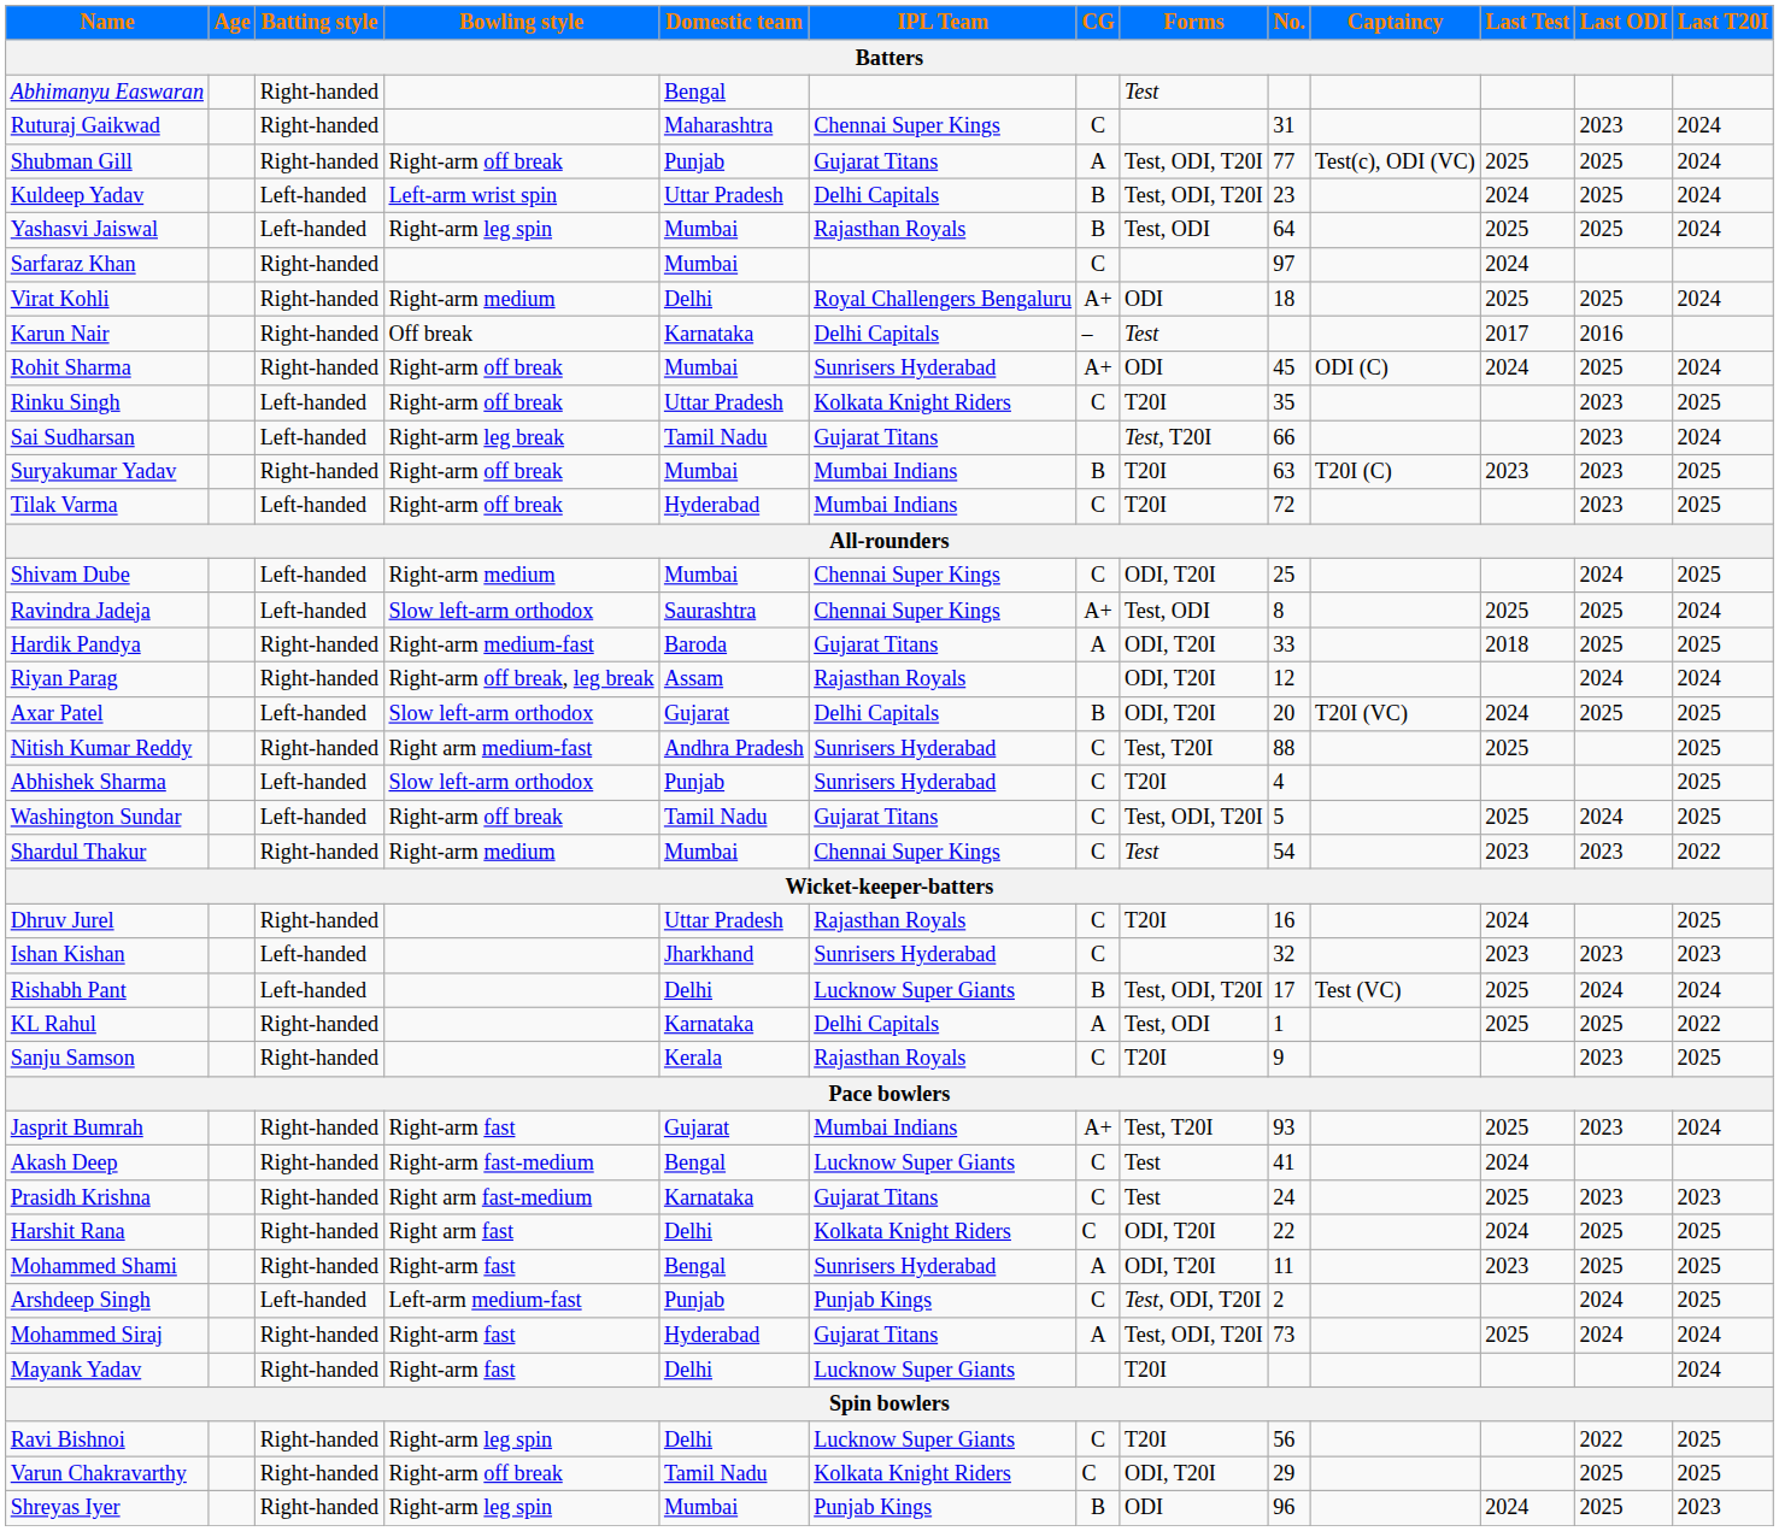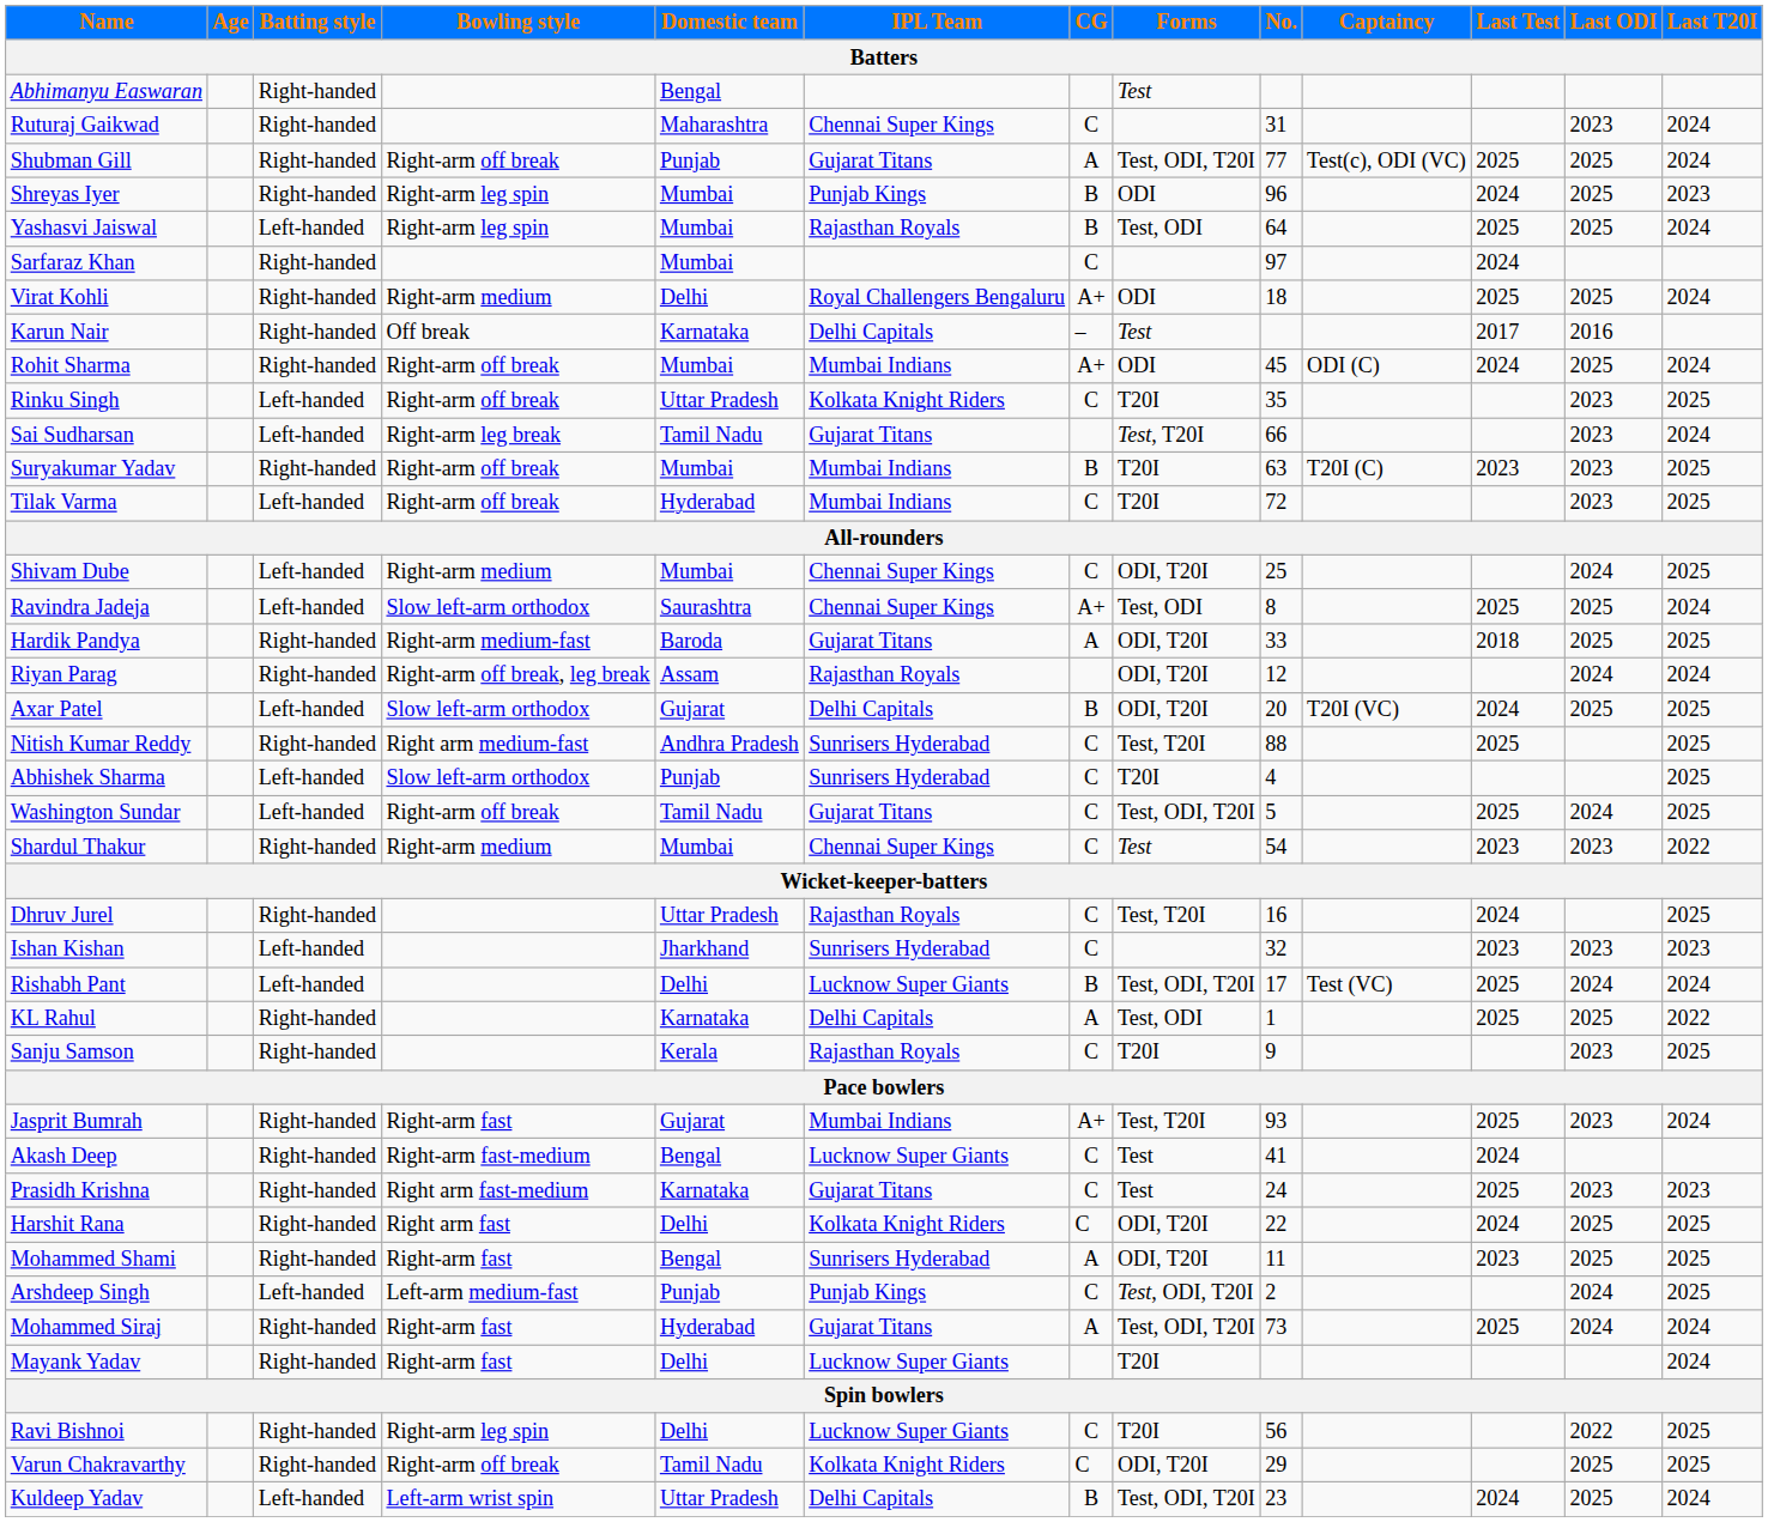 <table class="wikitable">
 <tr>
 <th style="text-align:center; background:#0077FF; color:#FF8800;">Name</th>
 <th style="text-align:center; background:#0077FF; color:#FF8800;">Age</th>
 <th style="text-align:center; background:#0077FF; color:#FF8800;">Batting style</th>
 <th style="text-align:center; background:#0077FF; color:#FF8800;">Bowling style</th>
 <th style="text-align:center; background:#0077FF; color:#FF8800;">Domestic team</th>
 <th style="text-align:center; background:#0077FF; color:#FF8800;">IPL Team</th>
 <th style="text-align:center; background:#0077FF; color:#FF8800;">CG</th>
 <th style="text-align:center; background:#0077FF; color:#FF8800;">Forms</th>
 <th style="text-align:center; background:#0077FF; color:#FF8800;">No.</th>
 <th style="text-align:center; background:#0077FF; color:#FF8800;">Captaincy</th>
 <th style="text-align:center; background:#0077FF; color:#FF8800;">Last Test</th>
 <th style="text-align:center; background:#0077FF; color:#FF8800;">Last ODI</th>
 <th style="text-align:center; background:#0077FF; color:#FF8800;">Last T20I</th>
 </tr>
 <tr>
 <th colspan="13">Batters</th>
 </tr>
 <tr>
 <td><em><a href='#'>Abhimanyu Easwaran</a></em></td>
 <td></td>
 <td>Right-handed</td>
 <td></td>
 <td><a href='#'>Bengal</a></td>
 <td></td>
 <td></td>
 <td><em>Test</em></td>
 <td></td>
 <td></td>
 <td></td>
 <td></td>
 <td></td>
 </tr>
 <tr>
 <td><a href='#'>Ruturaj Gaikwad</a></td>
 <td></td>
 <td>Right-handed</td>
 <td></td>
 <td><a href='#'>Maharashtra</a></td>
 <td><a href='#'>Chennai Super Kings</a></td>
 <td align="center">C</td>
 <td></td>
 <td>31</td>
 <td></td>
 <td></td>
 <td> 2023</td>
 <td> 2024</td>
 </tr>
 <tr>
 <td><a href='#'>Shubman Gill</a></td>
 <td></td>
 <td>Right-handed</td>
 <td>Right-arm <a href='#'>off break</a></td>
 <td><a href='#'>Punjab</a></td>
 <td><a href='#'>Gujarat Titans</a></td>
 <td align="center">A</td>
 <td>Test, ODI, T20I</td>
 <td>77</td>
 <td>Test(c), ODI (VC)</td>
 <td> 2025</td>
 <td> 2025</td>
 <td> 2024</td>
 </tr>
 <tr>
-<td><a href='#'>Kuldeep Yadav</a></td>
+<td><a href='#'>Shreyas Iyer</a></td>
 <td></td>
-<td>Left-handed</td>
-<td><a href='#'>Left-arm wrist spin</a></td>
-<td><a href='#'>Uttar Pradesh</a></td>
-<td><a href='#'>Delhi Capitals</a></td>
+<td>Right-handed</td>
+<td>Right-arm <a href='#'>leg spin</a></td>
+<td><a href='#'>Mumbai</a></td>
+<td><a href='#'>Punjab Kings</a></td>
 <td align="center">B</td>
-<td>Test, ODI, T20I</td>
-<td>23</td>
+<td>ODI</td>
+<td>96</td>
 <td></td>
 <td> 2024</td>
 <td> 2025</td>
-<td> 2024</td>
+<td> 2023</td>
 </tr>
 <tr>
 <td><a href='#'>Yashasvi Jaiswal</a></td>
 <td></td>
 <td>Left-handed</td>
 <td>Right-arm <a href='#'>leg spin</a></td>
 <td><a href='#'>Mumbai</a></td>
 <td><a href='#'>Rajasthan Royals</a></td>
 <td align="center">B</td>
 <td>Test, ODI</td>
 <td>64</td>
 <td></td>
 <td> 2025</td>
 <td> 2025</td>
 <td> 2024</td>
 </tr>
 <tr>
 <td><a href='#'>Sarfaraz Khan</a></td>
 <td></td>
 <td>Right-handed</td>
 <td></td>
 <td><a href='#'>Mumbai</a></td>
 <td></td>
 <td align="center">C</td>
 <td></td>
 <td>97</td>
 <td></td>
 <td> 2024</td>
 <td></td>
 <td></td>
 </tr>
 <tr>
 <td><a href='#'>Virat Kohli</a></td>
 <td></td>
 <td>Right-handed</td>
 <td>Right-arm <a href='#'>medium</a></td>
 <td><a href='#'>Delhi</a></td>
 <td><a href='#'>Royal Challengers Bengaluru</a></td>
 <td align="center">A+</td>
 <td>ODI</td>
 <td>18</td>
 <td></td>
 <td> 2025</td>
 <td> 2025</td>
 <td> 2024</td>
 </tr>
 <tr>
 <td><a href='#'>Karun Nair</a></td>
 <td></td>
 <td>Right-handed</td>
 <td>Off break</td>
 <td><a href='#'>Karnataka</a></td>
 <td><a href='#'>Delhi Capitals</a></td>
 <td>–</td>
 <td><em>Test</em></td>
 <td></td>
 <td></td>
 <td> 2017</td>
 <td> 2016</td>
 <td></td>
 </tr>
 <tr>
 <td><a href='#'>Rohit Sharma</a></td>
 <td></td>
 <td>Right-handed</td>
 <td>Right-arm <a href='#'>off break</a></td>
 <td><a href='#'>Mumbai</a></td>
-<td><a href='#'>Sunrisers Hyderabad</a></td>
+<td><a href='#'>Mumbai Indians</a></td>
 <td align="center">A+</td>
 <td>ODI</td>
 <td>45</td>
 <td>ODI (C)</td>
 <td> 2024</td>
 <td> 2025</td>
 <td> 2024</td>
 </tr>
 <tr>
 <td><a href='#'>Rinku Singh</a></td>
 <td></td>
 <td>Left-handed</td>
 <td>Right-arm <a href='#'>off break</a></td>
 <td><a href='#'>Uttar Pradesh</a></td>
 <td><a href='#'>Kolkata Knight Riders</a></td>
 <td align="center">C</td>
 <td>T20I</td>
 <td>35</td>
 <td></td>
 <td></td>
 <td> 2023</td>
 <td> 2025</td>
 </tr>
 <tr>
 <td><a href='#'>Sai Sudharsan</a></td>
 <td></td>
 <td>Left-handed</td>
 <td>Right-arm <a href='#'>leg break</a></td>
 <td><a href='#'>Tamil Nadu</a></td>
 <td><a href='#'>Gujarat Titans</a></td>
 <td></td>
 <td><em>Test</em>, T20I</td>
 <td>66</td>
 <td></td>
 <td></td>
 <td> 2023</td>
 <td> 2024</td>
 </tr>
 <tr>
 <td><a href='#'>Suryakumar Yadav</a></td>
 <td></td>
 <td>Right-handed</td>
 <td>Right-arm <a href='#'>off break</a></td>
 <td><a href='#'>Mumbai</a></td>
 <td><a href='#'>Mumbai Indians</a></td>
 <td align="center">B</td>
 <td>T20I</td>
 <td>63</td>
 <td>T20I (C)</td>
 <td> 2023</td>
 <td> 2023</td>
 <td> 2025</td>
 </tr>
 <tr>
 <td><a href='#'>Tilak Varma</a></td>
 <td></td>
 <td>Left-handed</td>
 <td>Right-arm <a href='#'>off break</a></td>
 <td><a href='#'>Hyderabad</a></td>
 <td><a href='#'>Mumbai Indians</a></td>
 <td align="center">C</td>
 <td>T20I</td>
 <td>72</td>
 <td></td>
 <td></td>
 <td> 2023</td>
 <td> 2025</td>
 </tr>
 <tr>
 <th colspan="13">All-rounders</th>
 </tr>
 <tr>
 <td><a href='#'>Shivam Dube</a></td>
 <td></td>
 <td>Left-handed</td>
 <td>Right-arm <a href='#'>medium</a></td>
 <td><a href='#'>Mumbai</a></td>
 <td><a href='#'>Chennai Super Kings</a></td>
 <td align="center">C</td>
 <td>ODI, T20I</td>
 <td>25</td>
 <td></td>
 <td></td>
 <td> 2024</td>
 <td> 2025</td>
 </tr>
 <tr>
 <td><a href='#'>Ravindra Jadeja</a></td>
 <td></td>
 <td>Left-handed</td>
 <td><a href='#'>Slow left-arm orthodox</a></td>
 <td><a href='#'>Saurashtra</a></td>
 <td><a href='#'>Chennai Super Kings</a></td>
 <td align="center">A+</td>
 <td>Test, ODI</td>
 <td>8</td>
 <td></td>
 <td> 2025</td>
 <td> 2025</td>
 <td> 2024</td>
 </tr>
 <tr>
 <td><a href='#'>Hardik Pandya</a></td>
 <td></td>
 <td>Right-handed</td>
 <td>Right-arm <a href='#'>medium-fast</a></td>
 <td><a href='#'>Baroda</a></td>
 <td><a href='#'>Gujarat Titans</a></td>
 <td align="center">A</td>
 <td>ODI, T20I</td>
 <td>33</td>
 <td></td>
 <td> 2018</td>
 <td> 2025</td>
 <td> 2025</td>
 </tr>
 <tr>
 <td><a href='#'>Riyan Parag</a></td>
 <td></td>
 <td>Right-handed</td>
 <td>Right-arm <a href='#'>off break</a>, <a href='#'>leg break</a></td>
 <td><a href='#'>Assam</a></td>
 <td><a href='#'>Rajasthan Royals</a></td>
 <td></td>
 <td>ODI, T20I</td>
 <td>12</td>
 <td></td>
 <td></td>
 <td> 2024</td>
 <td> 2024</td>
 </tr>
 <tr>
 <td><a href='#'>Axar Patel</a></td>
 <td></td>
 <td>Left-handed</td>
 <td><a href='#'>Slow left-arm orthodox</a></td>
 <td><a href='#'>Gujarat</a></td>
 <td><a href='#'>Delhi Capitals</a></td>
 <td align="center">B</td>
 <td>ODI, T20I</td>
 <td>20</td>
 <td>T20I (VC)</td>
 <td> 2024</td>
 <td> 2025</td>
 <td> 2025</td>
 </tr>
 <tr>
 <td><a href='#'>Nitish Kumar Reddy</a></td>
 <td></td>
 <td>Right-handed</td>
 <td>Right arm <a href='#'>medium-fast</a></td>
 <td><a href='#'>Andhra Pradesh</a></td>
 <td><a href='#'>Sunrisers Hyderabad</a></td>
 <td align="center">C</td>
 <td>Test, T20I</td>
 <td>88</td>
 <td></td>
 <td> 2025</td>
 <td></td>
 <td> 2025</td>
 </tr>
 <tr>
 <td><a href='#'>Abhishek Sharma</a></td>
 <td></td>
 <td>Left-handed</td>
 <td><a href='#'>Slow left-arm orthodox</a></td>
 <td><a href='#'>Punjab</a></td>
 <td><a href='#'>Sunrisers Hyderabad</a></td>
 <td align="center">C</td>
 <td>T20I</td>
 <td>4</td>
 <td></td>
 <td></td>
 <td></td>
 <td> 2025</td>
 </tr>
 <tr>
 <td><a href='#'>Washington Sundar</a></td>
 <td></td>
 <td>Left-handed</td>
 <td>Right-arm <a href='#'>off break</a></td>
 <td><a href='#'>Tamil Nadu</a></td>
 <td><a href='#'>Gujarat Titans</a></td>
 <td align="center">C</td>
 <td>Test, ODI, T20I</td>
 <td>5</td>
 <td></td>
 <td> 2025</td>
 <td> 2024</td>
 <td> 2025</td>
 </tr>
 <tr>
 <td><a href='#'>Shardul Thakur</a></td>
 <td></td>
 <td>Right-handed</td>
 <td>Right-arm <a href='#'>medium</a></td>
 <td><a href='#'>Mumbai</a></td>
 <td><a href='#'>Chennai Super Kings</a></td>
 <td align="center">C</td>
 <td><em>Test</em></td>
 <td>54</td>
 <td></td>
 <td> 2023</td>
 <td> 2023</td>
 <td> 2022</td>
 </tr>
 <tr>
 <th colspan="13">Wicket-keeper-batters</th>
 </tr>
 <tr>
 <td><a href='#'>Dhruv Jurel</a></td>
 <td></td>
 <td>Right-handed</td>
 <td></td>
 <td><a href='#'>Uttar Pradesh</a></td>
 <td><a href='#'>Rajasthan Royals</a></td>
 <td align="center">C</td>
-<td>T20I</td>
+<td>Test, T20I</td>
 <td>16</td>
 <td></td>
 <td> 2024</td>
 <td></td>
 <td> 2025</td>
 </tr>
 <tr>
 <td><a href='#'>Ishan Kishan</a></td>
 <td></td>
 <td>Left-handed</td>
 <td></td>
 <td><a href='#'>Jharkhand</a></td>
 <td><a href='#'>Sunrisers Hyderabad</a></td>
 <td align="center">C</td>
 <td></td>
 <td>32</td>
 <td></td>
 <td> 2023</td>
 <td> 2023</td>
 <td> 2023</td>
 </tr>
 <tr>
 <td><a href='#'>Rishabh Pant</a></td>
 <td></td>
 <td>Left-handed</td>
 <td></td>
 <td><a href='#'>Delhi</a></td>
 <td><a href='#'>Lucknow Super Giants</a></td>
 <td align="center">B</td>
 <td>Test, ODI, T20I</td>
 <td>17</td>
 <td>Test (VC)</td>
 <td> 2025</td>
 <td> 2024</td>
 <td> 2024</td>
 </tr>
 <tr>
 <td><a href='#'>KL Rahul</a></td>
 <td></td>
 <td>Right-handed</td>
 <td></td>
 <td><a href='#'>Karnataka</a></td>
 <td><a href='#'>Delhi Capitals</a></td>
 <td align="center">A</td>
 <td>Test, ODI</td>
 <td>1</td>
 <td></td>
 <td> 2025</td>
 <td> 2025</td>
 <td> 2022</td>
 </tr>
 <tr>
 <td><a href='#'>Sanju Samson</a></td>
 <td></td>
 <td>Right-handed</td>
 <td></td>
 <td><a href='#'>Kerala</a></td>
 <td><a href='#'>Rajasthan Royals</a></td>
 <td align="center">C</td>
 <td>T20I</td>
 <td>9</td>
 <td></td>
 <td></td>
 <td> 2023</td>
 <td> 2025</td>
 </tr>
 <tr>
 <th colspan="13">Pace bowlers</th>
 </tr>
 <tr>
 <td><a href='#'>Jasprit Bumrah</a></td>
 <td></td>
 <td>Right-handed</td>
 <td>Right-arm <a href='#'>fast</a></td>
 <td><a href='#'>Gujarat</a></td>
 <td><a href='#'>Mumbai Indians</a></td>
 <td align="center">A+</td>
 <td>Test, T20I</td>
 <td>93</td>
 <td></td>
 <td> 2025</td>
 <td> 2023</td>
 <td> 2024</td>
 </tr>
 <tr>
 <td><a href='#'>Akash Deep</a></td>
 <td></td>
 <td>Right-handed</td>
 <td>Right-arm <a href='#'>fast-medium</a></td>
 <td><a href='#'>Bengal</a></td>
 <td><a href='#'>Lucknow Super Giants</a></td>
 <td align="center">C</td>
 <td>Test</td>
 <td>41</td>
 <td></td>
 <td> 2024</td>
 <td></td>
 <td></td>
 </tr>
 <tr>
 <td><a href='#'>Prasidh Krishna</a></td>
 <td></td>
 <td>Right-handed</td>
 <td>Right arm <a href='#'>fast-medium</a></td>
 <td><a href='#'>Karnataka</a></td>
 <td><a href='#'>Gujarat Titans</a></td>
 <td align="center">C</td>
 <td>Test</td>
 <td>24</td>
 <td></td>
 <td> 2025</td>
 <td> 2023</td>
 <td> 2023</td>
 </tr>
 <tr>
 <td><a href='#'>Harshit Rana</a></td>
 <td></td>
 <td>Right-handed</td>
 <td>Right arm <a href='#'>fast</a></td>
 <td><a href='#'>Delhi</a></td>
 <td><a href='#'>Kolkata Knight Riders</a></td>
 <td>C</td>
 <td>ODI, T20I</td>
 <td>22</td>
 <td></td>
 <td> 2024</td>
 <td> 2025</td>
 <td> 2025</td>
 </tr>
 <tr>
 <td><a href='#'>Mohammed Shami</a></td>
 <td></td>
 <td>Right-handed</td>
 <td>Right-arm <a href='#'>fast</a></td>
 <td><a href='#'>Bengal</a></td>
 <td><a href='#'>Sunrisers Hyderabad</a></td>
 <td align="center">A</td>
 <td>ODI, T20I</td>
 <td>11</td>
 <td></td>
 <td> 2023</td>
 <td> 2025</td>
 <td> 2025</td>
 </tr>
 <tr>
 <td><a href='#'>Arshdeep Singh</a></td>
 <td></td>
 <td>Left-handed</td>
 <td>Left-arm <a href='#'>medium-fast</a></td>
 <td><a href='#'>Punjab</a></td>
 <td><a href='#'>Punjab Kings</a></td>
 <td align="center">C</td>
 <td><em>Test</em>, ODI, T20I</td>
 <td>2</td>
 <td></td>
 <td></td>
 <td> 2024</td>
 <td> 2025</td>
 </tr>
 <tr>
 <td><a href='#'>Mohammed Siraj</a></td>
 <td></td>
 <td>Right-handed</td>
 <td>Right-arm <a href='#'>fast</a></td>
 <td><a href='#'>Hyderabad</a></td>
 <td><a href='#'>Gujarat Titans</a></td>
 <td align="center">A</td>
 <td>Test, ODI, T20I</td>
 <td>73</td>
 <td></td>
 <td> 2025</td>
 <td> 2024</td>
 <td> 2024</td>
 </tr>
 <tr>
 <td><a href='#'>Mayank Yadav</a></td>
 <td></td>
 <td>Right-handed</td>
 <td>Right-arm <a href='#'>fast</a></td>
 <td><a href='#'>Delhi</a></td>
 <td><a href='#'>Lucknow Super Giants</a></td>
 <td></td>
 <td>T20I</td>
 <td></td>
 <td></td>
 <td></td>
 <td></td>
 <td> 2024</td>
 </tr>
 <tr>
 <th colspan="13">Spin bowlers</th>
 </tr>
 <tr>
 <td><a href='#'>Ravi Bishnoi</a></td>
 <td></td>
 <td>Right-handed</td>
 <td>Right-arm <a href='#'>leg spin</a></td>
 <td><a href='#'>Delhi</a></td>
 <td><a href='#'>Lucknow Super Giants</a></td>
 <td align="center">C</td>
 <td>T20I</td>
 <td>56</td>
 <td></td>
 <td></td>
 <td> 2022</td>
 <td> 2025</td>
 </tr>
 <tr>
 <td><a href='#'>Varun Chakravarthy</a></td>
 <td></td>
 <td>Right-handed</td>
 <td>Right-arm <a href='#'>off break</a></td>
 <td><a href='#'>Tamil Nadu</a></td>
 <td><a href='#'>Kolkata Knight Riders</a></td>
 <td>C</td>
 <td>ODI, T20I</td>
 <td>29</td>
 <td></td>
 <td></td>
 <td> 2025</td>
 <td> 2025</td>
 </tr>
 <tr>
-<td><a href='#'>Shreyas Iyer</a></td>
+<td><a href='#'>Kuldeep Yadav</a></td>
 <td></td>
-<td>Right-handed</td>
-<td>Right-arm <a href='#'>leg spin</a></td>
-<td><a href='#'>Mumbai</a></td>
-<td><a href='#'>Punjab Kings</a></td>
+<td>Left-handed</td>
+<td><a href='#'>Left-arm wrist spin</a></td>
+<td><a href='#'>Uttar Pradesh</a></td>
+<td><a href='#'>Delhi Capitals</a></td>
 <td align="center">B</td>
-<td>ODI</td>
-<td>96</td>
+<td>Test, ODI, T20I</td>
+<td>23</td>
 <td></td>
 <td> 2024</td>
 <td> 2025</td>
-<td> 2023</td>
+<td> 2024</td>
 </tr>
 </table>
